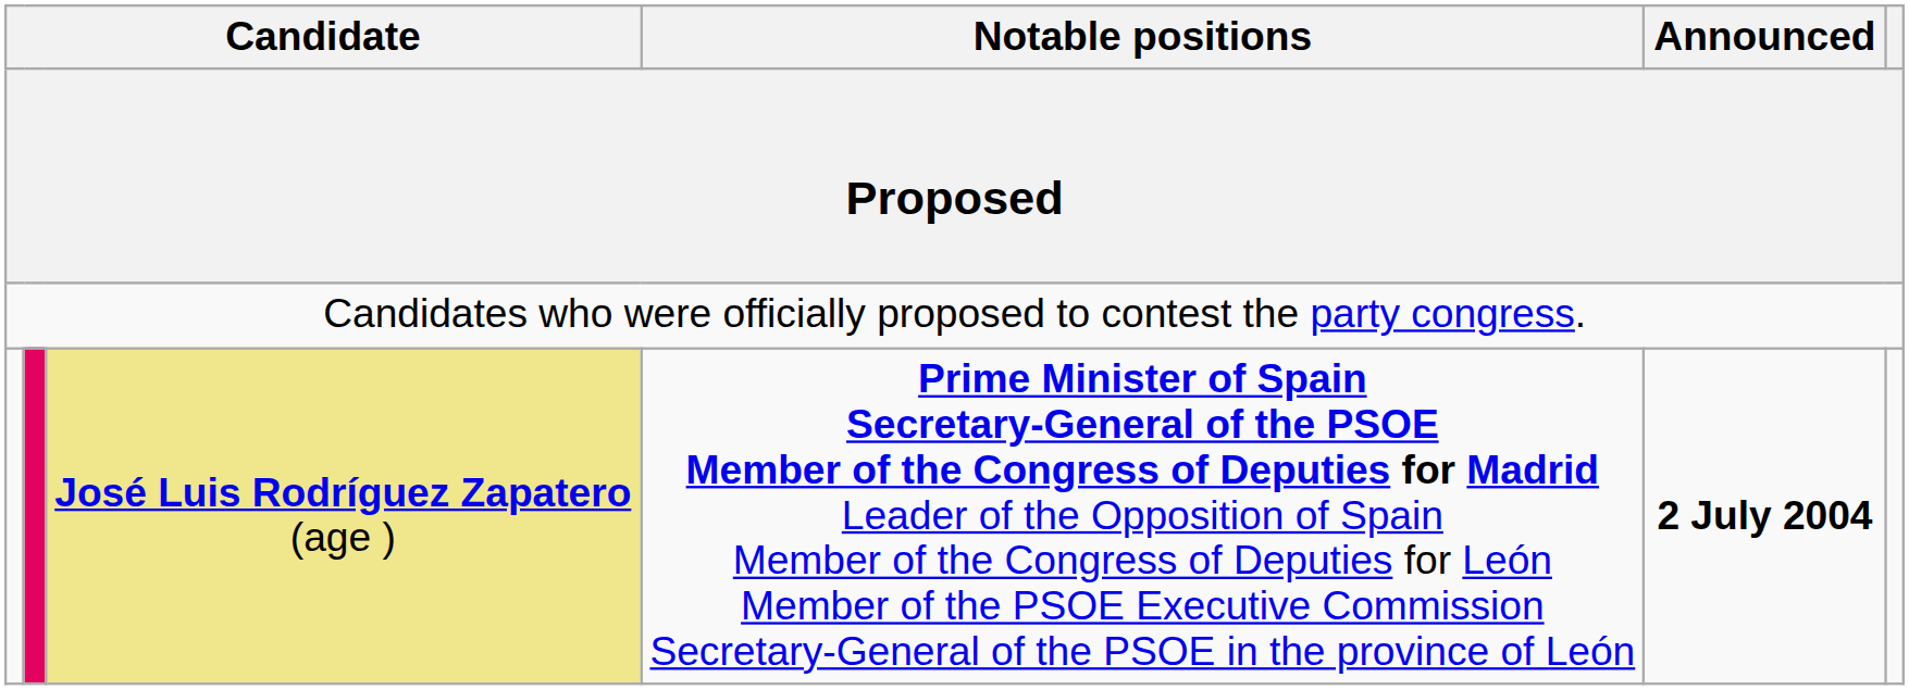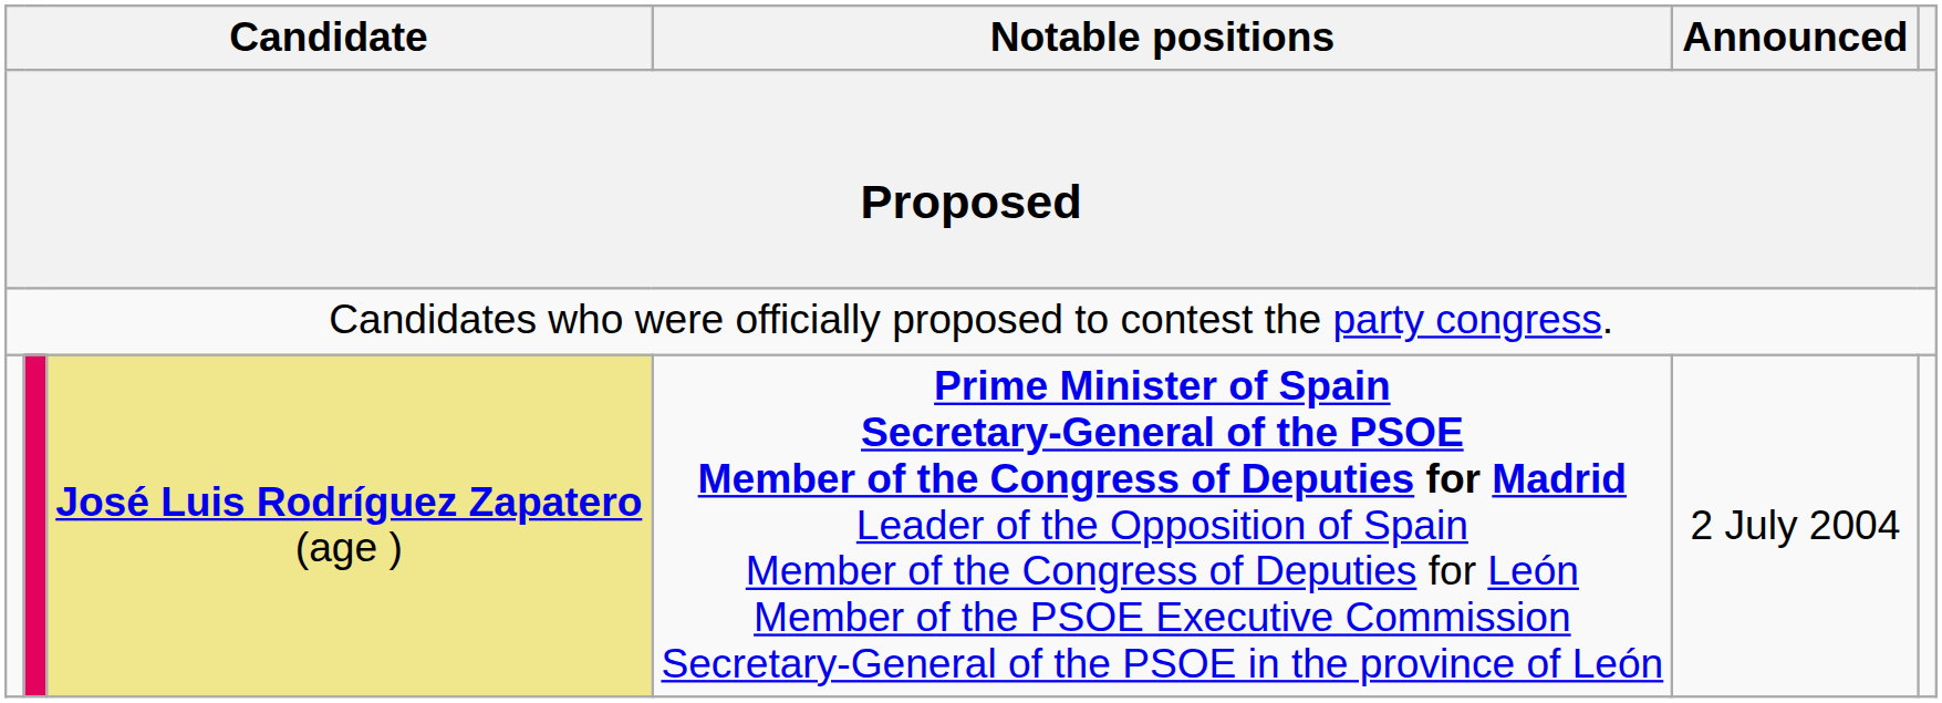 <table class="wikitable" style="text-align:center;">
 <tr>
 <th colspan="3">Candidate</th>
 <th>Notable positions</th>
 <th>Announced</th>
 <th></th>
 </tr>
 <tr>
 <th colspan="6"><br><h3>Proposed</h3></th>
 </tr>
 <tr>
 <td colspan="6">Candidates who were officially proposed to contest the <a href='#'>party congress</a>.</td>
 </tr>
 <tr>
 <td></td>
 <td width="1px" style="color:inherit;background:#E3035F"></td>
 <td style="background: khaki;"><strong><a href='#'>José Luis Rodríguez Zapatero</a></strong><br>(age )</td>
 <td><strong><a href='#'>Prime Minister of Spain</a> <br><a href='#'>Secretary-General of the PSOE</a> <br><a href='#'>Member of the Congress of Deputies</a> for <a href='#'>Madrid</a> </strong><br><a href='#'>Leader of the Opposition of Spain</a> <br><a href='#'>Member of the Congress of Deputies</a> for <a href='#'>León</a> <br><a href='#'>Member of the PSOE Executive Commission</a> <br><a href='#'>Secretary-General of the PSOE in the province of León</a> </td>
-<td><strong>2 July 2004</strong></td>
+<td>2 July 2004</td>
 <td></td>
 </tr>
 </table>
